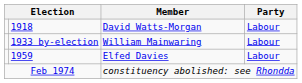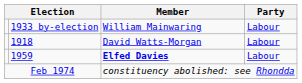 <table class="wikitable">
 <tr>
 <th colspan="2">Election</th>
 <th>Member</th>
 <th>Party</th>
+</tr>
+<tr>
+<td style="color:inherit;background-color: "></td>
+<td><a href='#'>1933 by-election</a></td>
+<td><a href='#'>William Mainwaring</a></td>
+<td><a href='#'>Labour</a></td>
 </tr>
 <tr>
 <td style="color:inherit;background-color: "></td>
 <td><a href='#'>1918</a></td>
 <td><a href='#'>David Watts-Morgan</a></td>
 <td><a href='#'>Labour</a></td>
 </tr>
 <tr>
 <td style="color:inherit;background-color: "></td>
-<td><a href='#'>1933 by-election</a></td>
-<td><a href='#'>William Mainwaring</a></td>
-<td><a href='#'>Labour</a></td>
-</tr>
-<tr>
-<td style="color:inherit;background-color: "></td>
 <td><a href='#'>1959</a></td>
-<td><a href='#'>Elfed Davies</a></td>
+<td><strong><a href='#'>Elfed Davies</a></strong></td>
 <td><a href='#'>Labour</a></td>
 </tr>
 <tr>
 <td colspan="2" align="center"><a href='#'>Feb 1974</a></td>
 <td colspan="2"><em>constituency abolished: see <a href='#'>Rhondda</a></em></td>
 </tr>
 </table>
